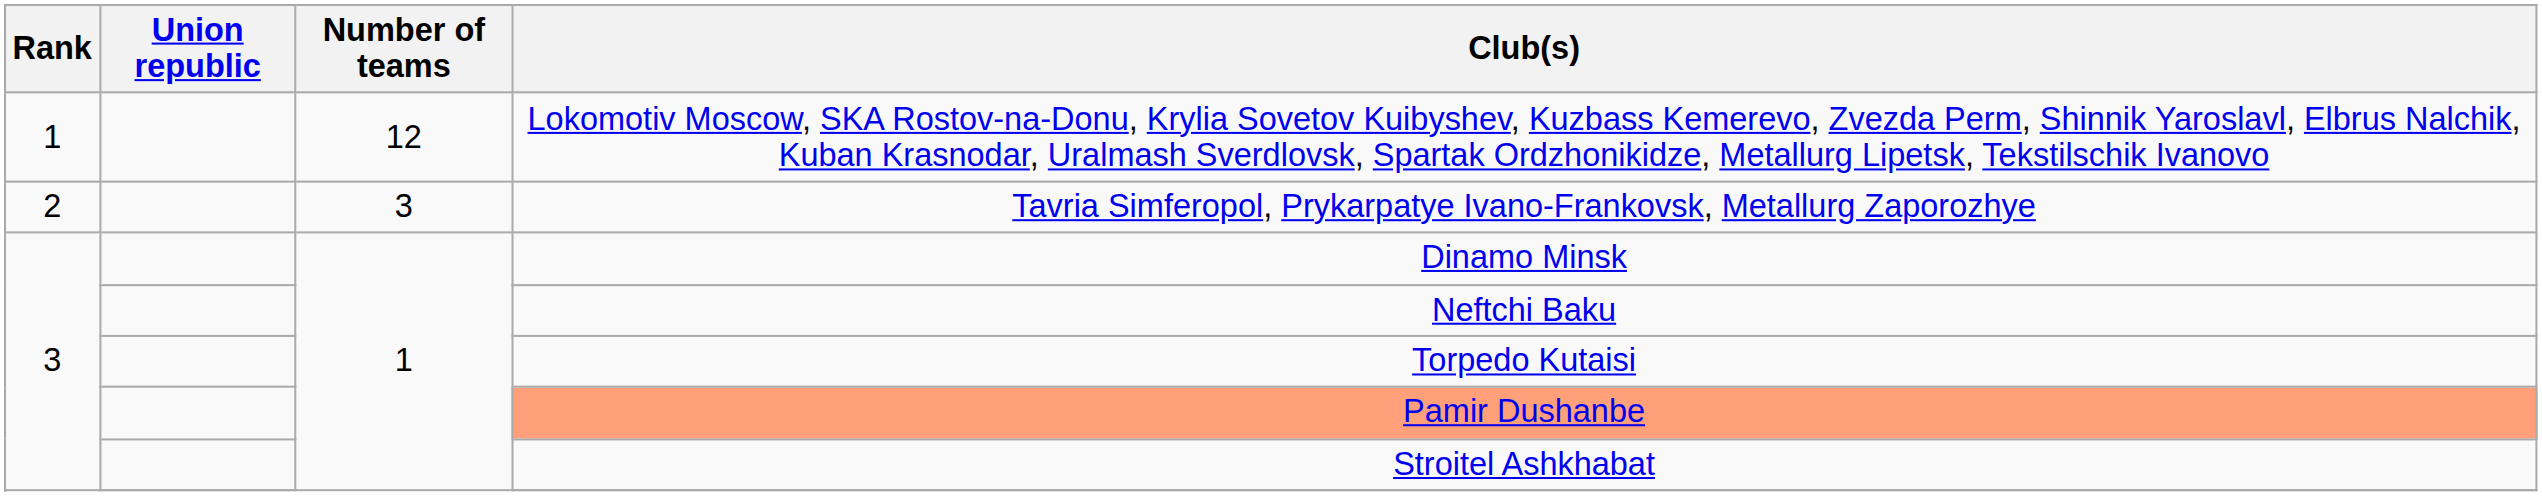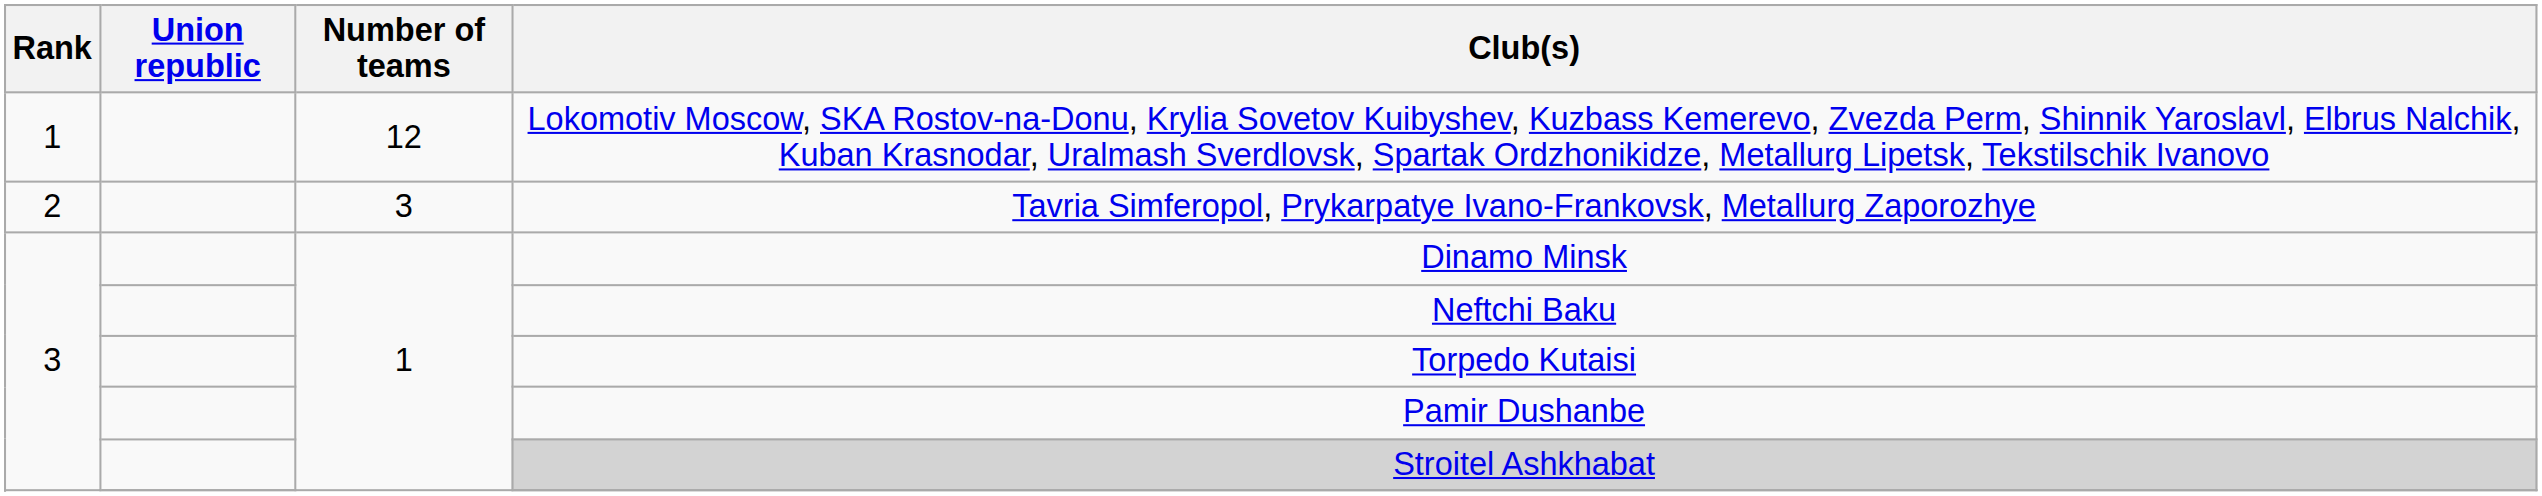 <table class="wikitable">
 <tr>
 <th>Rank</th>
 <th><a href='#'>Union republic</a></th>
 <th>Number of teams</th>
 <th>Club(s)</th>
 </tr>
 <tr>
 <td align="center">1</td>
 <td></td>
 <td align="center">12</td>
 <td align="center"><a href='#'>Lokomotiv Moscow</a>, <a href='#'>SKA Rostov-na-Donu</a>, <a href='#'>Krylia Sovetov Kuibyshev</a>, <a href='#'>Kuzbass Kemerevo</a>, <a href='#'>Zvezda Perm</a>, <a href='#'>Shinnik Yaroslavl</a>, <a href='#'>Elbrus Nalchik</a>, <a href='#'>Kuban Krasnodar</a>, <a href='#'>Uralmash Sverdlovsk</a>, <a href='#'>Spartak Ordzhonikidze</a>, <a href='#'>Metallurg Lipetsk</a>, <a href='#'>Tekstilschik Ivanovo</a></td>
 </tr>
 <tr>
 <td align="center">2</td>
 <td></td>
 <td align="center">3</td>
 <td align="center"><a href='#'>Tavria Simferopol</a>, <a href='#'>Prykarpatye Ivano-Frankovsk</a>, <a href='#'>Metallurg Zaporozhye</a></td>
 </tr>
 <tr>
 <td align="center" rowspan=10>3</td>
 <td></td>
 <td align="center" rowspan=10>1</td>
 <td align="center"><a href='#'>Dinamo Minsk</a></td>
 </tr>
 <tr>
 <td></td>
 <td align="center"><a href='#'>Neftchi Baku</a></td>
 </tr>
 <tr>
 <td></td>
 <td align="center"><a href='#'>Torpedo Kutaisi</a></td>
 </tr>
 <tr>
 <td></td>
-<td align="center" style="background: lightsalmon;"><a href='#'>Pamir Dushanbe</a></td>
+<td align="center"><a href='#'>Pamir Dushanbe</a></td>
 </tr>
 <tr>
 <td></td>
-<td align="center"><a href='#'>Stroitel Ashkhabat</a></td>
+<td align="center" style="background: lightgrey;"><a href='#'>Stroitel Ashkhabat</a></td>
 </tr>
 <tr>
 </tr>
 </table>
